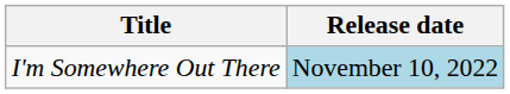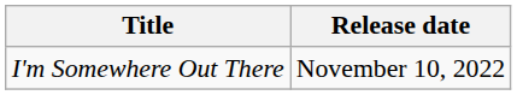 <table class="wikitable">
 <tr>
 <th>Title</th>
 <th>Release date</th>
 </tr>
 <tr>
 <td><em> I'm Somewhere Out There</em></td>
-<td style="background: lightblue;">November 10, 2022</td>
+<td>November 10, 2022</td>
 </tr>
 </table>
